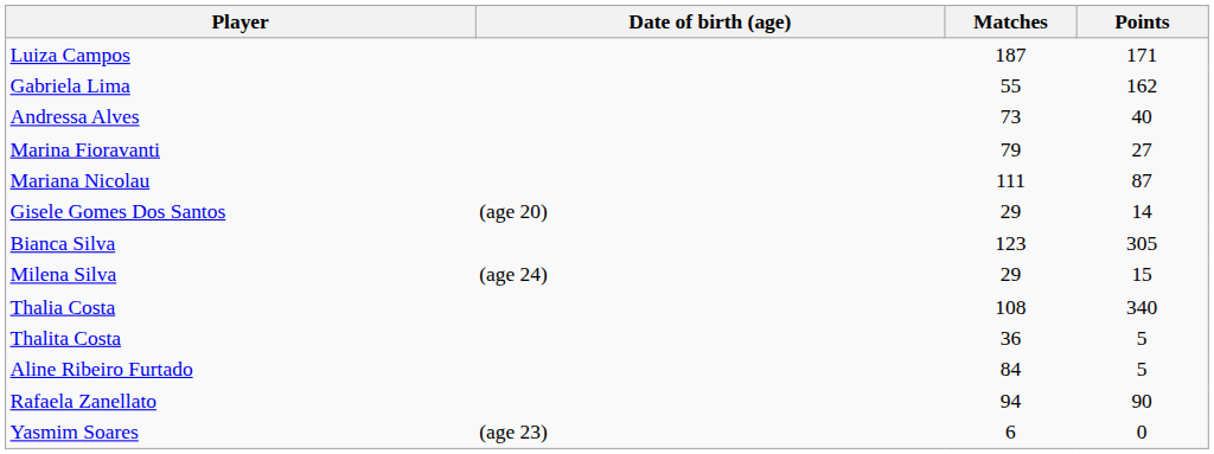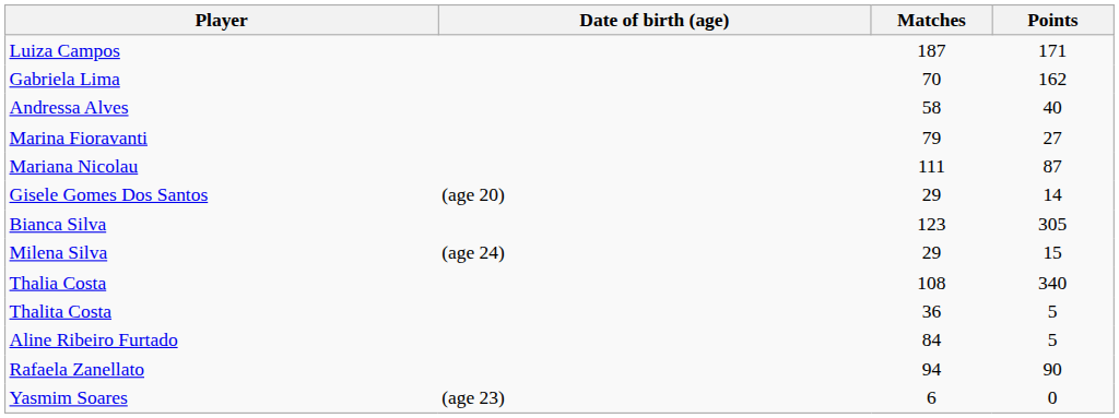 <table class="sortable wikitable plainrowheaders" style="font-size:">
 <tr>
 <th scope="col" style="width:25%">Player</th>
 <th scope="col" style="width:25%">Date of birth (age)</th>
 <th scope="col" style="width:7%">Matches</th>
 <th scope="col" style="width:7%">Points</th>
 </tr>
 <tr>
 <td style="text-align:left; border:0"><a href='#'>Luiza Campos</a></td>
 <td style="text-align:left; border:0"></td>
 <td style="text-align:center; border:0">187</td>
 <td style="text-align:center; border:0">171</td>
 </tr>
 <tr>
 <td style="text-align:left; border:0"><a href='#'>Gabriela Lima</a></td>
 <td style="text-align:left; border:0"></td>
-<td style="text-align:center; border:0">55</td>
+<td style="text-align:center; border:0">70</td>
 <td style="text-align:center; border:0">162</td>
 </tr>
 <tr>
 <td style="text-align:left; border:0"><a href='#'>Andressa Alves</a></td>
 <td style="text-align:left; border:0"></td>
-<td style="text-align:center; border:0">73</td>
+<td style="text-align:center; border:0">58</td>
 <td style="text-align:center; border:0">40</td>
 </tr>
 <tr>
 <td style="text-align:left; border:0"><a href='#'>Marina Fioravanti</a></td>
 <td style="text-align:left; border:0"></td>
 <td style="text-align:center; border:0">79</td>
 <td style="text-align:center; border:0">27</td>
 </tr>
 <tr>
 <td style="text-align:left; border:0"><a href='#'>Mariana Nicolau</a></td>
 <td style="text-align:left; border:0"></td>
 <td style="text-align:center; border:0">111</td>
 <td style="text-align:center; border:0">87</td>
 </tr>
 <tr>
 <td style="text-align:left; border:0"><a href='#'>Gisele Gomes Dos Santos</a></td>
 <td style="text-align:left; border:0">(age 20)</td>
 <td style="text-align:center; border:0">29</td>
 <td style="text-align:center; border:0">14</td>
 </tr>
 <tr>
 <td style="text-align:left; border:0"><a href='#'>Bianca Silva</a></td>
 <td style="text-align:left; border:0"></td>
 <td style="text-align:center; border:0">123</td>
 <td style="text-align:center; border:0">305</td>
 </tr>
 <tr>
 <td style="text-align:left; border:0"><a href='#'>Milena Silva</a></td>
 <td style="text-align:left; border:0">(age 24)</td>
 <td style="text-align:center; border:0">29</td>
 <td style="text-align:center; border:0">15</td>
 </tr>
 <tr>
 <td style="text-align:left; border:0"><a href='#'>Thalia Costa</a></td>
 <td style="text-align:left; border:0"></td>
 <td style="text-align:center; border:0">108</td>
 <td style="text-align:center; border:0">340</td>
 </tr>
 <tr>
 <td style="text-align:left; border:0"><a href='#'>Thalita Costa</a></td>
 <td style="text-align:left; border:0"></td>
 <td style="text-align:center; border:0">36</td>
 <td style="text-align:center; border:0">5</td>
 </tr>
 <tr>
 <td style="text-align:left; border:0"><a href='#'>Aline Ribeiro Furtado</a></td>
 <td style="text-align:left; border:0"></td>
 <td style="text-align:center; border:0">84</td>
 <td style="text-align:center; border:0">5</td>
 </tr>
 <tr>
 <td style="text-align:left; border:0"><a href='#'>Rafaela Zanellato</a></td>
 <td style="text-align:left; border:0"></td>
 <td style="text-align:center; border:0">94</td>
 <td style="text-align:center; border:0">90</td>
 </tr>
 <tr>
 <td style="text-align:left; border:0"><a href='#'>Yasmim Soares</a></td>
 <td style="text-align:left; border:0">(age 23)</td>
 <td style="text-align:center; border:0">6</td>
 <td style="text-align:center; border:0">0</td>
 </tr>
 </table>
